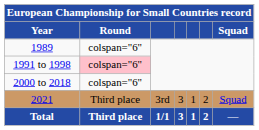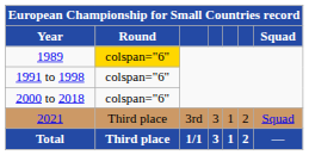 <table class="wikitable" style="text-align: center;">
 <tr>
 <th colspan="7" style="background:#244AA5; color:white; ">European Championship for Small Countries record</th>
 </tr>
 <tr>
 <th style="background:#244AA5; color:white; ">Year</th>
 <th style="background:#244AA5; color:white; ">Round</th>
 <th style="background:#244AA5; color:white; "></th>
 <th style="background:#244AA5; color:white; "></th>
 <th style="background:#244AA5; color:white; "></th>
 <th style="background:#244AA5; color:white; "></th>
 <th style="background:#244AA5; color:white; ">Squad</th>
 </tr>
 <tr>
 <td> <a href='#'>1989</a></td>
-<td>colspan="6" </td>
+<td style="background: gold;">colspan="6" </td>
 </tr>
 <tr>
 <td> <a href='#'>1991</a> to  <a href='#'>1998</a></td>
-<td style="background: pink;">colspan="6" </td>
+<td>colspan="6" </td>
 </tr>
 <tr>
 <td> <a href='#'>2000</a> to  <a href='#'>2018</a></td>
 <td>colspan="6" </td>
 </tr>
 <tr bgcolor="#CC9966">
 <td> <a href='#'>2021</a></td>
 <td>Third place</td>
 <td>3rd</td>
 <td>3</td>
 <td>1</td>
 <td>2</td>
 <td><a href='#'>Squad</a></td>
 </tr>
 <tr>
 <th style="background:#244AA5; color:white; ">Total</th>
 <th style="background:#244AA5; color:white; ">Third place</th>
 <th style="background:#244AA5; color:white; ">1/1</th>
 <th style="background:#244AA5; color:white; ">3</th>
 <th style="background:#244AA5; color:white; ">1</th>
 <th style="background:#244AA5; color:white; ">2</th>
 <th style="background:#244AA5; color:white; ">—</th>
 </tr>
 </table>
